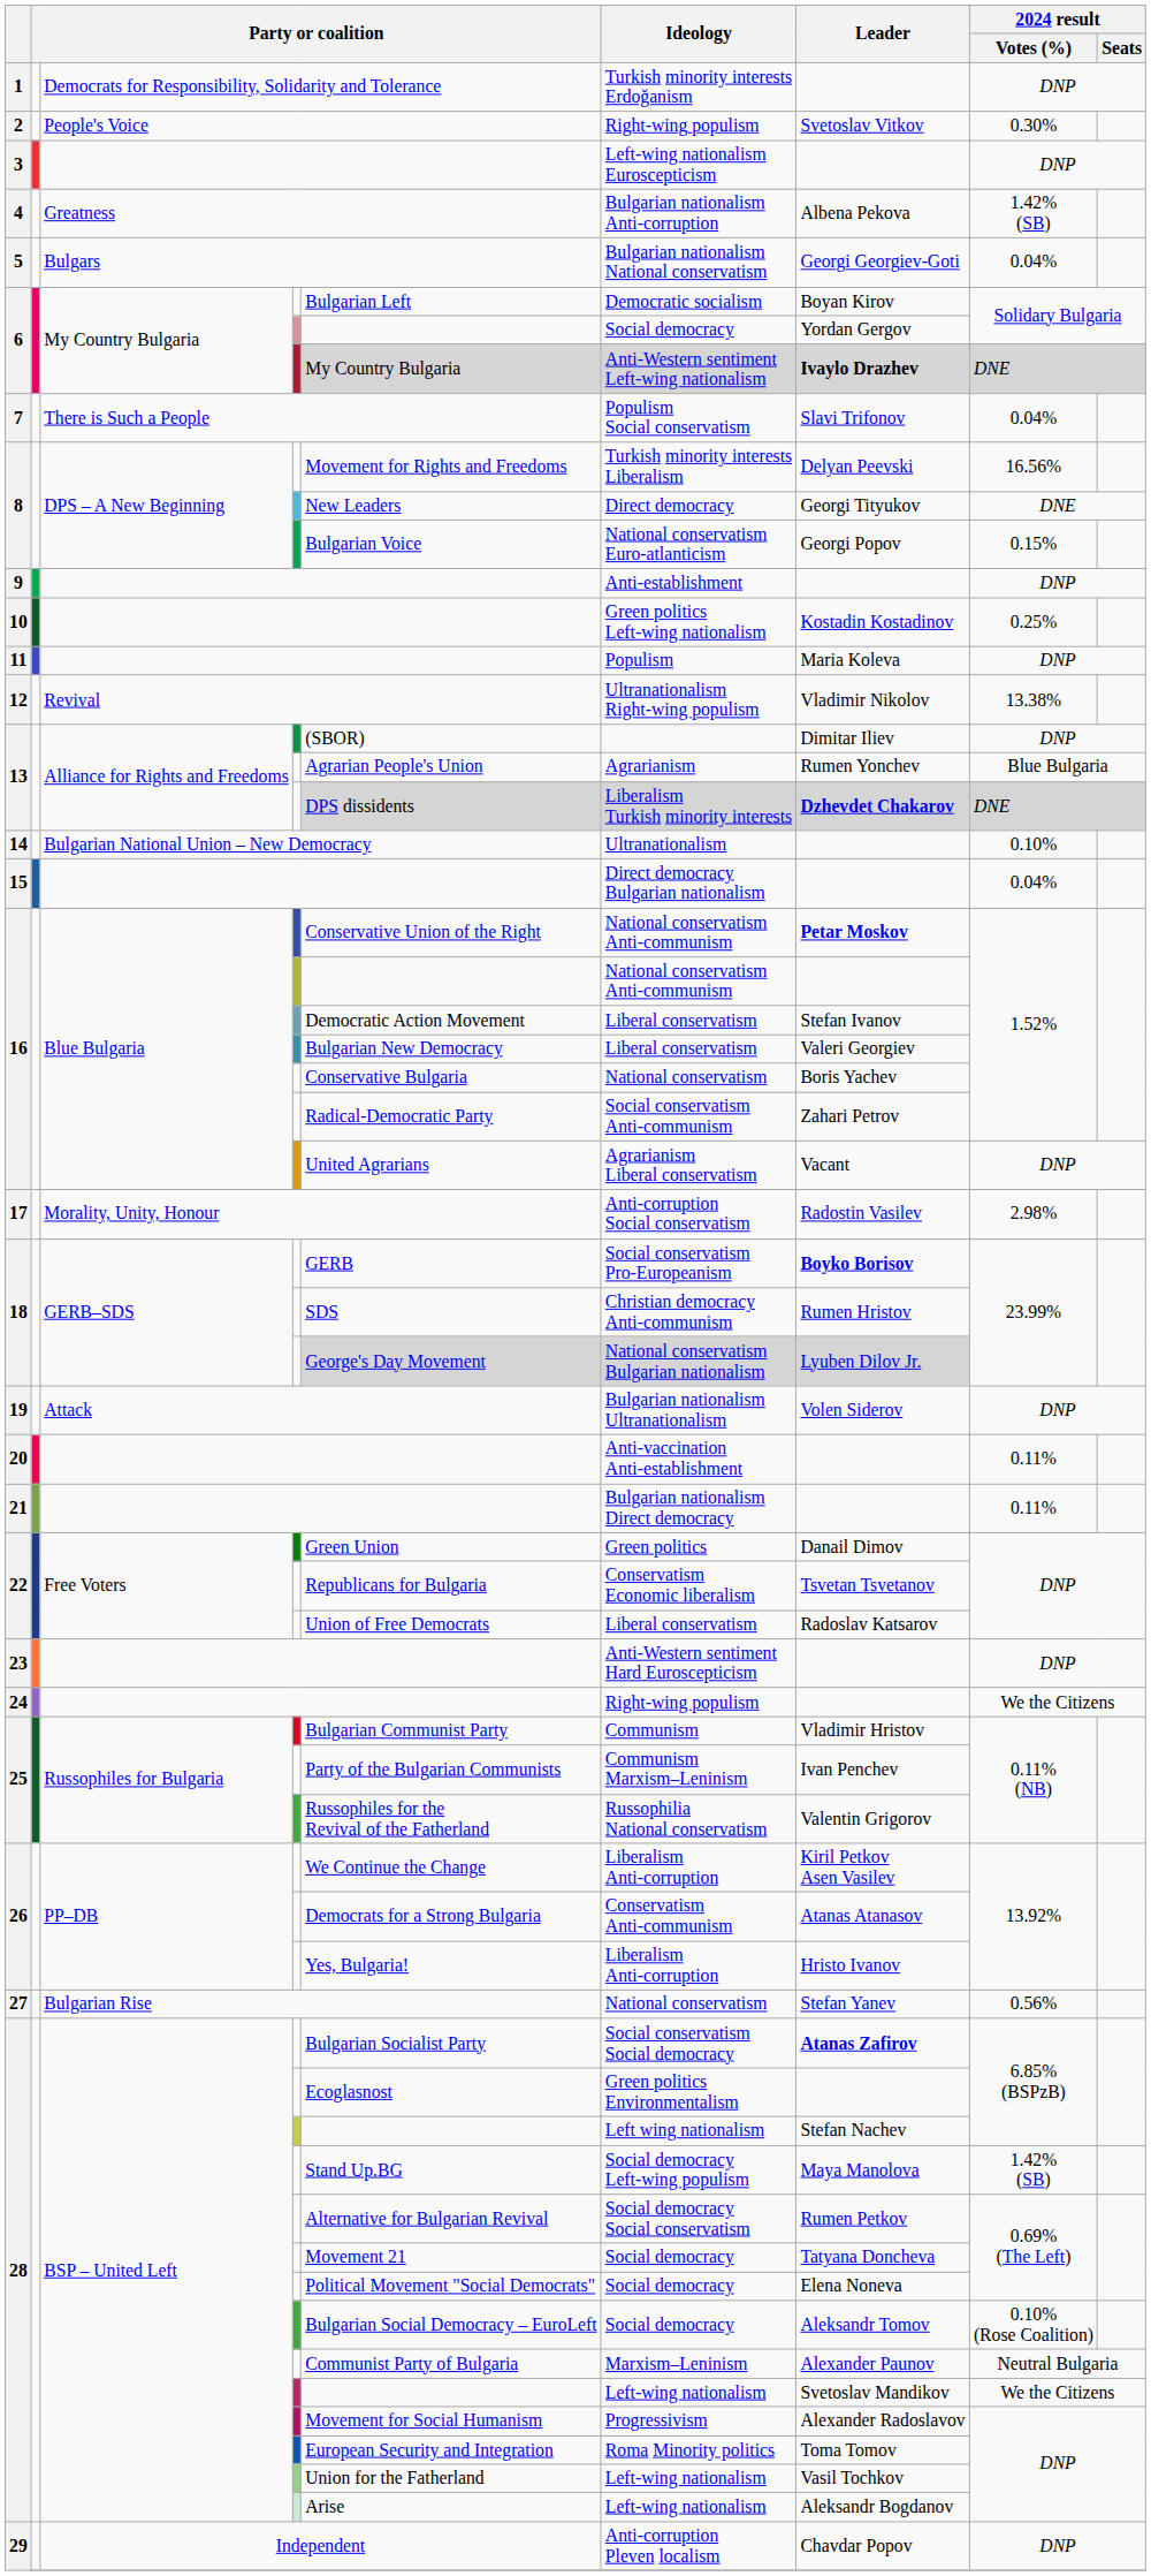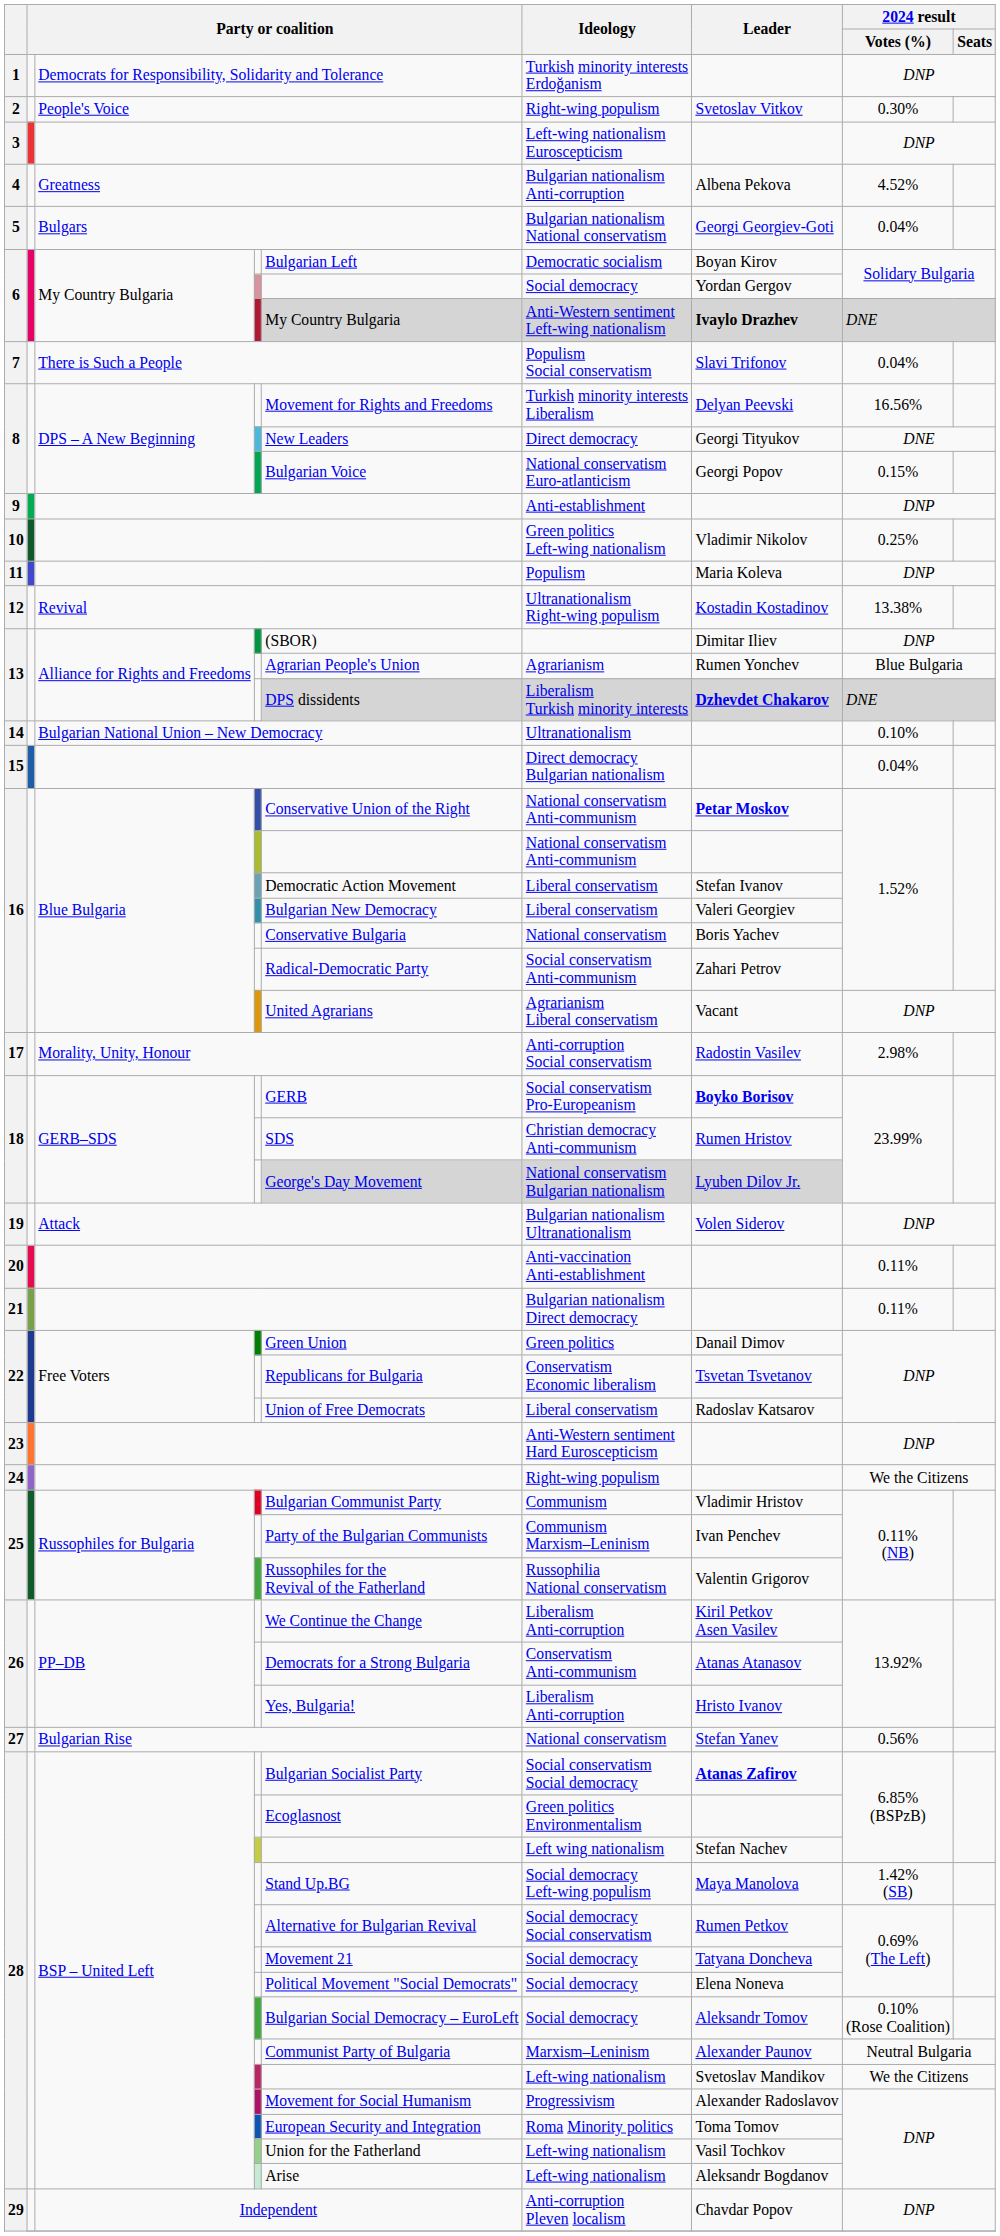 <table class="wikitable mw-collapsible mw-collapsed" style="text-align:left">
 <tr>
 <th rowspan="2"></th>
 <th colspan="4" rowspan="2">Party or coalition</th>
 <th rowspan="2">Ideology</th>
 <th rowspan="2">Leader</th>
 <th colspan="2"><a href='#'>2024</a> result</th>
 </tr>
 <tr>
 <th>Votes (%)</th>
 <th>Seats</th>
 </tr>
 <tr>
 <th>1</th>
 <td style="color:inherit;background:"></td>
 <td colspan="3"><a href='#'>Democrats for Responsibility, Solidarity and Tolerance</a></td>
 <td><a href='#'>Turkish</a> <a href='#'>minority interests</a><br><a href='#'>Erdoğanism</a></td>
 <td></td>
 <td colspan="2" style="text-align:center"><em>DNP</em></td>
 </tr>
 <tr>
 <th>2</th>
 <td style="color:inherit;background:"></td>
 <td colspan="3"><a href='#'>People's Voice</a></td>
 <td><a href='#'>Right-wing populism</a></td>
 <td><a href='#'>Svetoslav Vitkov</a></td>
 <td style="text-align:center">0.30%</td>
 <td></td>
 </tr>
 <tr>
 <th>3</th>
 <td style="color:inherit;background:#ED3237"></td>
 <td colspan="3"></td>
 <td><a href='#'>Left-wing nationalism</a><br><a href='#'>Euroscepticism</a></td>
 <td></td>
 <td colspan="2" style="text-align:center"><em>DNP</em></td>
 </tr>
 <tr>
 <th>4</th>
 <td style="background:"></td>
 <td colspan="3"><a href='#'>Greatness</a></td>
 <td><a href='#'>Bulgarian nationalism</a><br><a href='#'>Anti-corruption</a></td>
 <td>Albena Pekova</td>
-<td style="text-align:center">1.42%<br>(<a href='#'>SB</a>)</td>
+<td style="text-align:center">4.52%</td>
 <td></td>
 </tr>
 <tr>
 <th>5</th>
 <td style="background:"></td>
 <td colspan="3"><a href='#'>Bulgars</a></td>
 <td><a href='#'>Bulgarian nationalism</a><br><a href='#'>National conservatism</a></td>
 <td><a href='#'>Georgi Georgiev-Goti</a></td>
 <td style="text-align:center">0.04%</td>
 <td></td>
 </tr>
 <tr>
 <th rowspan="3">6</th>
 <td rowspan="3" style="background:#e60167"></td>
 <td rowspan="3">My Country Bulgaria</td>
 <td style="background:"></td>
 <td><a href='#'>Bulgarian Left</a></td>
 <td><a href='#'>Democratic socialism</a></td>
 <td>Boyan Kirov</td>
 <td colspan="2" rowspan="2" style="text-align:center"><a href='#'>Solidary Bulgaria</a></td>
 </tr>
 <tr>
 <td style="background:#d993a0"></td>
 <td></td>
 <td><a href='#'>Social democracy</a></td>
 <td>Yordan Gergov</td>
 </tr>
 <tr>
 <td style="background:#b01733"></td>
 <td style="background:#D5D5D5">My Country Bulgaria</td>
 <td style="background:#D5D5D5"><a href='#'>Anti-Western sentiment</a><br><a href='#'>Left-wing nationalism</a></td>
 <td style="background:#D5D5D5"><strong>Ivaylo Drazhev</strong></td>
 <td style="background:#D5D5D5" colspan="2" style="text-align:center"><em>DNE</em></td>
 </tr>
 <tr>
 <th>7</th>
 <td style="background:"></td>
 <td colspan="3"><a href='#'>There is Such a People</a></td>
 <td><a href='#'>Populism</a><br><a href='#'>Social conservatism</a></td>
 <td><a href='#'>Slavi Trifonov</a></td>
 <td style="text-align:center">0.04%</td>
 <td></td>
 </tr>
 <tr>
 <th rowspan="3">8</th>
 <td rowspan="3" style="background:"></td>
 <td rowspan="3"><a href='#'>DPS – A New Beginning</a></td>
 <td style="color:inherit;background:"></td>
 <td><a href='#'>Movement for Rights and Freedoms</a></td>
 <td><a href='#'>Turkish</a> <a href='#'>minority interests</a><br><a href='#'>Liberalism</a></td>
 <td><a href='#'>Delyan Peevski</a></td>
 <td style="text-align:center">16.56%</td>
 <td></td>
 </tr>
 <tr>
 <td style="background:#4bb9de;"></td>
 <td><a href='#'>New Leaders</a></td>
 <td><a href='#'>Direct democracy</a></td>
 <td>Georgi Tityukov</td>
 <td colspan=2 style="text-align:center"><em>DNE</em></td>
 </tr>
 <tr>
 <td style="background:#00A651;"></td>
 <td><a href='#'>Bulgarian Voice</a></td>
 <td><a href='#'>National conservatism</a> <br> <a href='#'>Euro-atlanticism</a></td>
 <td>Georgi Popov</td>
 <td style="text-align:center">0.15%</td>
 <td></td>
 </tr>
 <tr>
 <th>9</th>
 <td style="color:inherit;background:#02AD51;"></td>
 <td colspan="3"></td>
 <td><a href='#'>Anti-establishment</a></td>
 <td></td>
 <td colspan="2" style="text-align:center;"><em>DNP</em></td>
 </tr>
 <tr>
 <th>10</th>
 <td style="background:#0f592a"></td>
 <td colspan="3"></td>
 <td><a href='#'>Green politics</a><br><a href='#'>Left-wing nationalism</a></td>
-<td><a href='#'>Kostadin Kostadinov</a></td>
+<td>Vladimir Nikolov</td>
 <td style="text-align:center">0.25%</td>
 <td></td>
 </tr>
 <tr>
 <th>11</th>
 <td style="color:inherit;background:#4047CB"></td>
 <td colspan="3"></td>
 <td><a href='#'>Populism</a></td>
 <td>Maria Koleva</td>
 <td colspan="2" style="text-align:center"><em>DNP</em></td>
 </tr>
 <tr>
 <th>12</th>
 <td style="background:"></td>
 <td colspan="3"><a href='#'>Revival</a></td>
 <td><a href='#'>Ultranationalism</a><br><a href='#'>Right-wing populism</a></td>
-<td>Vladimir Nikolov</td>
+<td><a href='#'>Kostadin Kostadinov</a></td>
 <td style="text-align:center">13.38%</td>
 <td></td>
 </tr>
 <tr>
 <th rowspan="3">13</th>
 <td rowspan="3" style="background:"></td>
 <td rowspan="3"><a href='#'>Alliance for Rights and Freedoms</a></td>
 <td style="background:#00963f;"></td>
 <td> (SBOR)</td>
 <td></td>
 <td>Dimitar Iliev</td>
 <td colspan="2" style="text-align:center"><em>DNP</em></td>
 </tr>
 <tr>
 <td style="background:"></td>
 <td><a href='#'>Agrarian People's Union</a></td>
 <td><a href='#'>Agrarianism</a></td>
 <td>Rumen Yonchev</td>
 <td colspan="2" style="text-align:center">Blue Bulgaria</td>
 </tr>
 <tr>
 <td style="background:"></td>
 <td style="background:#D5D5D5"><a href='#'>DPS</a> dissidents</td>
 <td style="background:#D5D5D5"><a href='#'>Liberalism</a><br><a href='#'>Turkish</a> <a href='#'>minority interests</a></td>
 <td style="background:#D5D5D5"><strong><a href='#'>Dzhevdet Chakarov</a></strong></td>
 <td style="background:#D5D5D5" colspan="2" style="text-align:center"><em>DNE</em></td>
 </tr>
 <tr>
 <th>14</th>
 <td style="background:"></td>
 <td colspan="3"><a href='#'>Bulgarian National Union – New Democracy</a></td>
 <td><a href='#'>Ultranationalism</a></td>
 <td></td>
 <td style="text-align:center">0.10%</td>
 <td></td>
 </tr>
 <tr>
 <th>15</th>
 <td style="background:#1F5DA6"></td>
 <td colspan="3"></td>
 <td><a href='#'>Direct democracy</a><br><a href='#'>Bulgarian nationalism</a></td>
 <td></td>
 <td style="text-align:center">0.04%</td>
 <td></td>
 </tr>
 <tr>
 <th rowspan="7">16</th>
 <td rowspan="7" style="background:"></td>
 <td rowspan="7"><a href='#'>Blue Bulgaria</a></td>
 <td style="background:#324ea8"></td>
 <td><a href='#'>Conservative Union of the Right</a></td>
 <td><a href='#'>National conservatism</a><br><a href='#'>Anti-communism</a></td>
 <td><strong><a href='#'>Petar Moskov</a></strong></td>
 <td rowspan="6" style="text-align:center">1.52%</td>
 <td rowspan=6></td>
 </tr>
 <tr>
 <td style="background:#acba2f"></td>
 <td></td>
 <td><a href='#'>National conservatism</a><br><a href='#'>Anti-communism</a></td>
 <td></td>
 </tr>
 <tr>
 <td style="background:#6ba2b3"></td>
 <td>Democratic Action Movement</td>
 <td><a href='#'>Liberal conservatism</a></td>
 <td>Stefan Ivanov</td>
 </tr>
 <tr>
 <td style="background:#3291a8"></td>
 <td><a href='#'>Bulgarian New Democracy</a></td>
 <td><a href='#'>Liberal conservatism</a></td>
 <td>Valeri Georgiev</td>
 </tr>
 <tr>
 <td style="background:"></td>
 <td><a href='#'>Conservative Bulgaria</a></td>
 <td><a href='#'>National conservatism</a></td>
 <td>Boris Yachev</td>
 </tr>
 <tr>
 <td style="background:"></td>
 <td><a href='#'>Radical-Democratic Party</a></td>
 <td><a href='#'>Social conservatism</a><br><a href='#'>Anti-communism</a></td>
 <td>Zahari Petrov</td>
 </tr>
 <tr>
 <td style="background:#de9709"></td>
 <td><a href='#'>United Agrarians</a></td>
 <td><a href='#'>Agrarianism</a><br><a href='#'>Liberal conservatism</a></td>
 <td>Vacant</td>
 <td colspan = 2 style="text-align:center"><em>DNP</em></td>
 </tr>
 <tr>
 <th>17</th>
 <td style="color:inherit;background:"></td>
 <td colspan="3"><a href='#'>Morality, Unity, Honour</a></td>
 <td><a href='#'>Anti-corruption</a><br><a href='#'>Social conservatism</a></td>
 <td><a href='#'>Radostin Vasilev</a></td>
 <td style="text-align:center">2.98%</td>
 <td></td>
 </tr>
 <tr>
 <th rowspan="3">18</th>
 <td rowspan="3" style="background:"></td>
 <td rowspan="3"><a href='#'>GERB–SDS</a></td>
 <td style="background:"></td>
 <td><a href='#'>GERB</a></td>
 <td><a href='#'>Social conservatism</a><br><a href='#'>Pro-Europeanism</a></td>
 <td><strong><a href='#'>Boyko Borisov</a></strong></td>
 <td rowspan="3" style="text-align:center">23.99%</td>
 <td rowspan="3"></td>
 </tr>
 <tr>
 <td style="background:"></td>
 <td><a href='#'>SDS</a></td>
 <td><a href='#'>Christian democracy</a><br><a href='#'>Anti-communism</a></td>
 <td><a href='#'>Rumen Hristov</a></td>
 </tr>
 <tr>
 <td style="background:"></td>
 <td style="background:#D5D5D5"><a href='#'>George's Day Movement</a></td>
 <td style="background:#D5D5D5"><a href='#'>National conservatism</a><br><a href='#'>Bulgarian nationalism</a></td>
 <td style="background:#D5D5D5"><a href='#'>Lyuben Dilov Jr.</a></td>
 </tr>
 <tr>
 <th>19</th>
 <td style="background:"></td>
 <td colspan="3"><a href='#'>Attack</a></td>
 <td><a href='#'>Bulgarian nationalism</a><br><a href='#'>Ultranationalism</a></td>
 <td><a href='#'>Volen Siderov</a></td>
 <td colspan="2" style="text-align:center"><em>DNP</em></td>
 </tr>
 <tr>
 <th>20</th>
 <td style="background:#E60B4F"></td>
 <td colspan="3"></td>
 <td><a href='#'>Anti-vaccination</a><br><a href='#'>Anti-establishment</a></td>
 <td></td>
 <td style="text-align:center">0.11%</td>
 <td></td>
 </tr>
 <tr>
 <th>21</th>
 <td style="background:#7aa148"></td>
 <td colspan="3"></td>
 <td><a href='#'>Bulgarian nationalism</a><br><a href='#'>Direct democracy</a></td>
 <td></td>
 <td style="text-align:center">0.11%</td>
 <td></td>
 </tr>
 <tr>
 <th rowspan="3">22</th>
 <td rowspan="3" style="background:#1e3a8f"></td>
 <td rowspan="3">Free Voters</td>
 <td style="background:green"></td>
 <td><a href='#'>Green Union</a></td>
 <td><a href='#'>Green politics</a></td>
 <td>Danail Dimov</td>
 <td colspan="2" rowspan="3" style="text-align:center"><em>DNP</em></td>
 </tr>
 <tr>
 <td style="background:"></td>
 <td><a href='#'>Republicans for Bulgaria</a></td>
 <td><a href='#'>Conservatism</a><br><a href='#'>Economic liberalism</a></td>
 <td><a href='#'>Tsvetan Tsvetanov</a></td>
 </tr>
 <tr>
 <td style="background:"></td>
 <td><a href='#'>Union of Free Democrats</a></td>
 <td><a href='#'>Liberal conservatism</a></td>
 <td>Radoslav Katsarov</td>
 </tr>
 <tr>
 <th>23</th>
 <td style="color:inherit;background:#FF7530"></td>
 <td colspan="3"></td>
 <td><a href='#'>Anti-Western sentiment</a><br><a href='#'>Hard Euroscepticism</a></td>
 <td></td>
 <td colspan="2" style="text-align:center"><em>DNP</em></td>
 </tr>
 <tr>
 <th>24</th>
 <td style="background:#9164C9"></td>
 <td colspan="3"></td>
 <td><a href='#'>Right-wing populism</a></td>
 <td></td>
 <td colspan="2" style="text-align:center">We the Citizens</td>
 </tr>
 <tr>
 <th rowspan="3">25</th>
 <td rowspan="3" style="background:#0f5b2a"></td>
 <td rowspan="3"><a href='#'>Russophiles for Bulgaria</a></td>
 <td style="background:#E00024"></td>
 <td><a href='#'>Bulgarian Communist Party</a></td>
 <td><a href='#'>Communism</a></td>
 <td>Vladimir Hristov</td>
 <td rowspan="3" style="text-align:center">0.11%<br>(<a href='#'>NB</a>)</td>
 <td rowspan="3"></td>
 </tr>
 <tr>
 <td style="background:"></td>
 <td><a href='#'>Party of the Bulgarian Communists</a></td>
 <td><a href='#'>Communism</a><br><a href='#'>Marxism–Leninism</a></td>
 <td>Ivan Penchev</td>
 </tr>
 <tr>
 <td style="background:#41A83D"></td>
 <td><a href='#'>Russophiles for the<br>Revival of the Fatherland</a></td>
 <td><a href='#'>Russophilia</a><br><a href='#'>National conservatism</a></td>
 <td>Valentin Grigorov</td>
 </tr>
 <tr>
 <th rowspan="3">26</th>
 <td rowspan="3" style="background:"></td>
 <td rowspan="3"><a href='#'>PP–DB</a></td>
 <td style="background:"></td>
 <td><a href='#'>We Continue the Change</a></td>
 <td><a href='#'>Liberalism</a><br><a href='#'>Anti-corruption</a></td>
 <td><a href='#'>Kiril Petkov</a><br><a href='#'>Asen Vasilev</a></td>
 <td rowspan="3" style="text-align:center">13.92%</td>
 <td rowspan="3"></td>
 </tr>
 <tr>
 <td style="background:"></td>
 <td><a href='#'>Democrats for a Strong Bulgaria</a></td>
 <td><a href='#'>Conservatism</a><br><a href='#'>Anti-communism</a></td>
 <td><a href='#'>Atanas Atanasov</a></td>
 </tr>
 <tr>
 <td style="background:"></td>
 <td><a href='#'>Yes, Bulgaria!</a></td>
 <td><a href='#'>Liberalism</a><br><a href='#'>Anti-corruption</a></td>
 <td><a href='#'>Hristo Ivanov</a></td>
 </tr>
 <tr>
 <th>27</th>
 <td style="background:"></td>
 <td colspan="3"><a href='#'>Bulgarian Rise</a></td>
 <td><a href='#'>National conservatism</a></td>
 <td><a href='#'>Stefan Yanev</a></td>
 <td style="text-align:center">0.56%</td>
 <td></td>
 </tr>
 <tr>
 <th rowspan="14">28</th>
 <td rowspan="14" style="background:"></td>
 <td rowspan="14"><a href='#'>BSP – United Left</a></td>
 <td style="background:"></td>
 <td><a href='#'>Bulgarian Socialist Party</a></td>
 <td><a href='#'>Social conservatism</a><br><a href='#'>Social democracy</a></td>
 <td><strong><a href='#'>Atanas Zafirov</a></strong></td>
 <td rowspan="3" style="text-align:center">6.85%<br>(BSPzB)</td>
 <td rowspan="3"></td>
 </tr>
 <tr>
 <td style="background:"></td>
 <td><a href='#'>Ecoglasnost</a></td>
 <td><a href='#'>Green politics</a><br><a href='#'>Environmentalism</a></td>
 <td></td>
 </tr>
 <tr>
 <td style="background:#c5cc45"></td>
 <td></td>
 <td><a href='#'>Left wing nationalism</a></td>
 <td>Stefan Nachev</td>
 </tr>
 <tr>
 <td style="background:"></td>
 <td><a href='#'>Stand Up.BG</a></td>
 <td><a href='#'>Social democracy</a><br><a href='#'>Left-wing populism</a></td>
 <td><a href='#'>Maya Manolova</a></td>
 <td style="text-align:center">1.42%<br>(<a href='#'>SB</a>)</td>
 <td></td>
 </tr>
 <tr>
 <td style="background:"></td>
 <td><a href='#'>Alternative for Bulgarian Revival</a></td>
 <td><a href='#'>Social democracy</a><br><a href='#'>Social conservatism</a></td>
 <td><a href='#'>Rumen Petkov</a></td>
 <td rowspan="3" style="text-align:center">0.69%<br>(<a href='#'>The Left</a>)</td>
 <td rowspan="3"></td>
 </tr>
 <tr>
 <td style="background:"></td>
 <td><a href='#'>Movement 21</a></td>
 <td><a href='#'>Social democracy</a></td>
 <td><a href='#'>Tatyana Doncheva</a></td>
 </tr>
 <tr>
 <td style="color:inherit;background:"></td>
 <td><a href='#'>Political Movement "Social Democrats"</a></td>
 <td><a href='#'>Social democracy</a></td>
 <td>Elena Noneva</td>
 </tr>
 <tr>
 <td style="background:#41A83D"></td>
 <td><a href='#'>Bulgarian Social Democracy – EuroLeft</a></td>
 <td><a href='#'>Social democracy</a></td>
 <td><a href='#'>Aleksandr Tomov</a></td>
 <td style="text-align:center">0.10%<br>(Rose Coalition)</td>
 <td></td>
 </tr>
 <tr>
 <td style="background:"></td>
 <td><a href='#'>Communist Party of Bulgaria</a></td>
 <td><a href='#'>Marxism–Leninism</a></td>
 <td><a href='#'>Alexander Paunov</a></td>
 <td colspan="2" style="text-align:center">Neutral Bulgaria</td>
 </tr>
 <tr>
 <td style="background:#ba2566"></td>
 <td></td>
 <td><a href='#'>Left-wing nationalism</a></td>
 <td>Svetoslav Mandikov</td>
 <td colspan="2" style="text-align:center">We the Citizens</td>
 </tr>
 <tr>
 <td style="background:#AE1065;"></td>
 <td><a href='#'>Movement for Social Humanism</a></td>
 <td><a href='#'>Progressivism</a></td>
 <td>Alexander Radoslavov</td>
 <td rowspan=4 colspan="2" style="text-align:center"><em>DNP</em></td>
 </tr>
 <tr>
 <td style="background:#0E54B4;"></td>
 <td><a href='#'>European Security and Integration</a></td>
 <td><a href='#'>Roma</a> <a href='#'>Minority politics</a></td>
 <td>Toma Tomov</td>
 </tr>
 <tr>
 <td style="background:#96CF8A;"></td>
 <td>Union for the Fatherland</td>
 <td><a href='#'>Left-wing nationalism</a></td>
 <td>Vasil Tochkov</td>
 </tr>
 <tr>
 <td style="background:#c5ebd5;"></td>
 <td>Arise</td>
 <td><a href='#'>Left-wing nationalism</a></td>
 <td>Aleksandr Bogdanov</td>
 </tr>
 <tr>
 <th rowspan="14">29</th>
 <td style="background:"></td>
 <td colspan="3" style="text-align:center"><a href='#'>Independent</a></td>
 <td><a href='#'>Anti-corruption</a><br><a href='#'>Pleven</a> <a href='#'>localism</a></td>
 <td>Chavdar Popov</td>
 <td style="text-align:center" colspan=2><em>DNP</em></td>
 </tr>
 <tr>
 </tr>
 </table>
